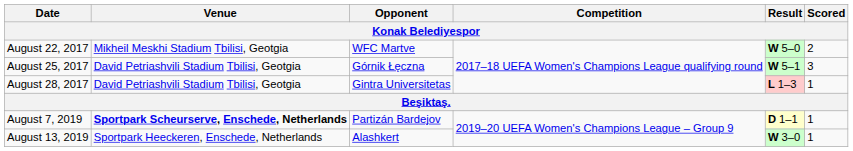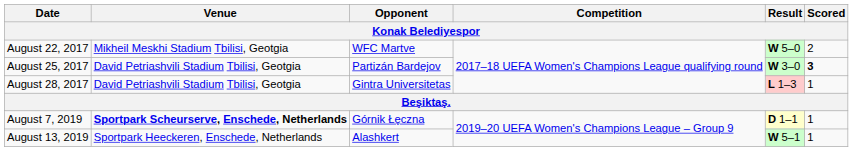 <table class=wikitable>
 <tr>
 <th>Date</th>
 <th>Venue</th>
 <th>Opponent</th>
 <th>Competition</th>
 <th>Result</th>
 <th>Scored</th>
 </tr>
 <tr>
 <th colspan=6><a href='#'>Konak Belediyespor</a></th>
 </tr>
 <tr>
 <td>August 22, 2017</td>
 <td><a href='#'>Mikheil Meskhi Stadium</a> <a href='#'>Tbilisi</a>, Geotgia</td>
 <td> <a href='#'>WFC Martve</a></td>
 <td rowspan=3><a href='#'>2017–18 UEFA Women's Champions League qualifying round</a></td>
 <td bgcolor=ccffcc><strong>W</strong> 5–0</td>
 <td>2</td>
 </tr>
 <tr>
 <td>August 25, 2017</td>
 <td><a href='#'>David Petriashvili Stadium</a> <a href='#'>Tbilisi</a>, Geotgia</td>
-<td> <a href='#'>Górnik Łęczna</a></td>
-<td bgcolor=ccffcc><strong>W</strong> 5–1</td>
-<td>3</td>
+<td> <a href='#'>Partizán Bardejov</a></td>
+<td bgcolor=ccffcc><strong>W</strong> 3–0</td>
+<td><strong>3</strong></td>
 </tr>
 <tr>
 <td>August 28, 2017</td>
 <td><a href='#'>David Petriashvili Stadium</a> <a href='#'>Tbilisi</a>, Geotgia</td>
 <td> <a href='#'>Gintra Universitetas</a></td>
 <td bgcolor=ffcccc><strong>L</strong> 1–3</td>
 <td>1</td>
 </tr>
 <tr>
 <th colspan=6><a href='#'>Beşiktaş.</a></th>
 </tr>
 <tr>
 <td>August 7, 2019</td>
 <td><strong><a href='#'>Sportpark Scheurserve</a>,  <a href='#'>Enschede</a>, Netherlands</strong></td>
-<td> <a href='#'>Partizán Bardejov</a></td>
+<td> <a href='#'>Górnik Łęczna</a></td>
 <td rowspan=2><a href='#'>2019–20 UEFA Women's Champions League – Group 9</a></td>
 <td bgcolor=ffffcc><strong>D</strong> 1–1</td>
 <td>1</td>
 </tr>
 <tr>
 <td>August 13, 2019</td>
 <td><a href='#'>Sportpark Heeckeren</a>,  <a href='#'>Enschede</a>, Netherlands</td>
 <td> <a href='#'>Alashkert</a></td>
-<td bgcolor=ccffcc><strong>W</strong> 3–0</td>
+<td bgcolor=ccffcc><strong>W</strong> 5–1</td>
 <td>1</td>
 </tr>
 </table>
